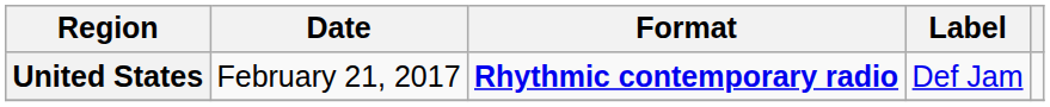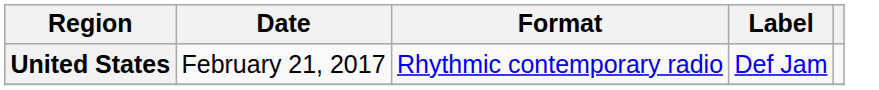 <table class="wikitable plainrowheaders">
 <tr>
 <th scope="col">Region</th>
 <th scope="col">Date</th>
 <th scope="col">Format</th>
 <th scope="col">Label</th>
 <th scope="col"></th>
 </tr>
 <tr>
 <th scope="row">United States</th>
 <td>February 21, 2017</td>
-<td><strong><a href='#'>Rhythmic contemporary radio</a></strong></td>
+<td><a href='#'>Rhythmic contemporary radio</a></td>
 <td><a href='#'>Def Jam</a></td>
 <td></td>
 </tr>
 <tr>
 </tr>
 </table>
